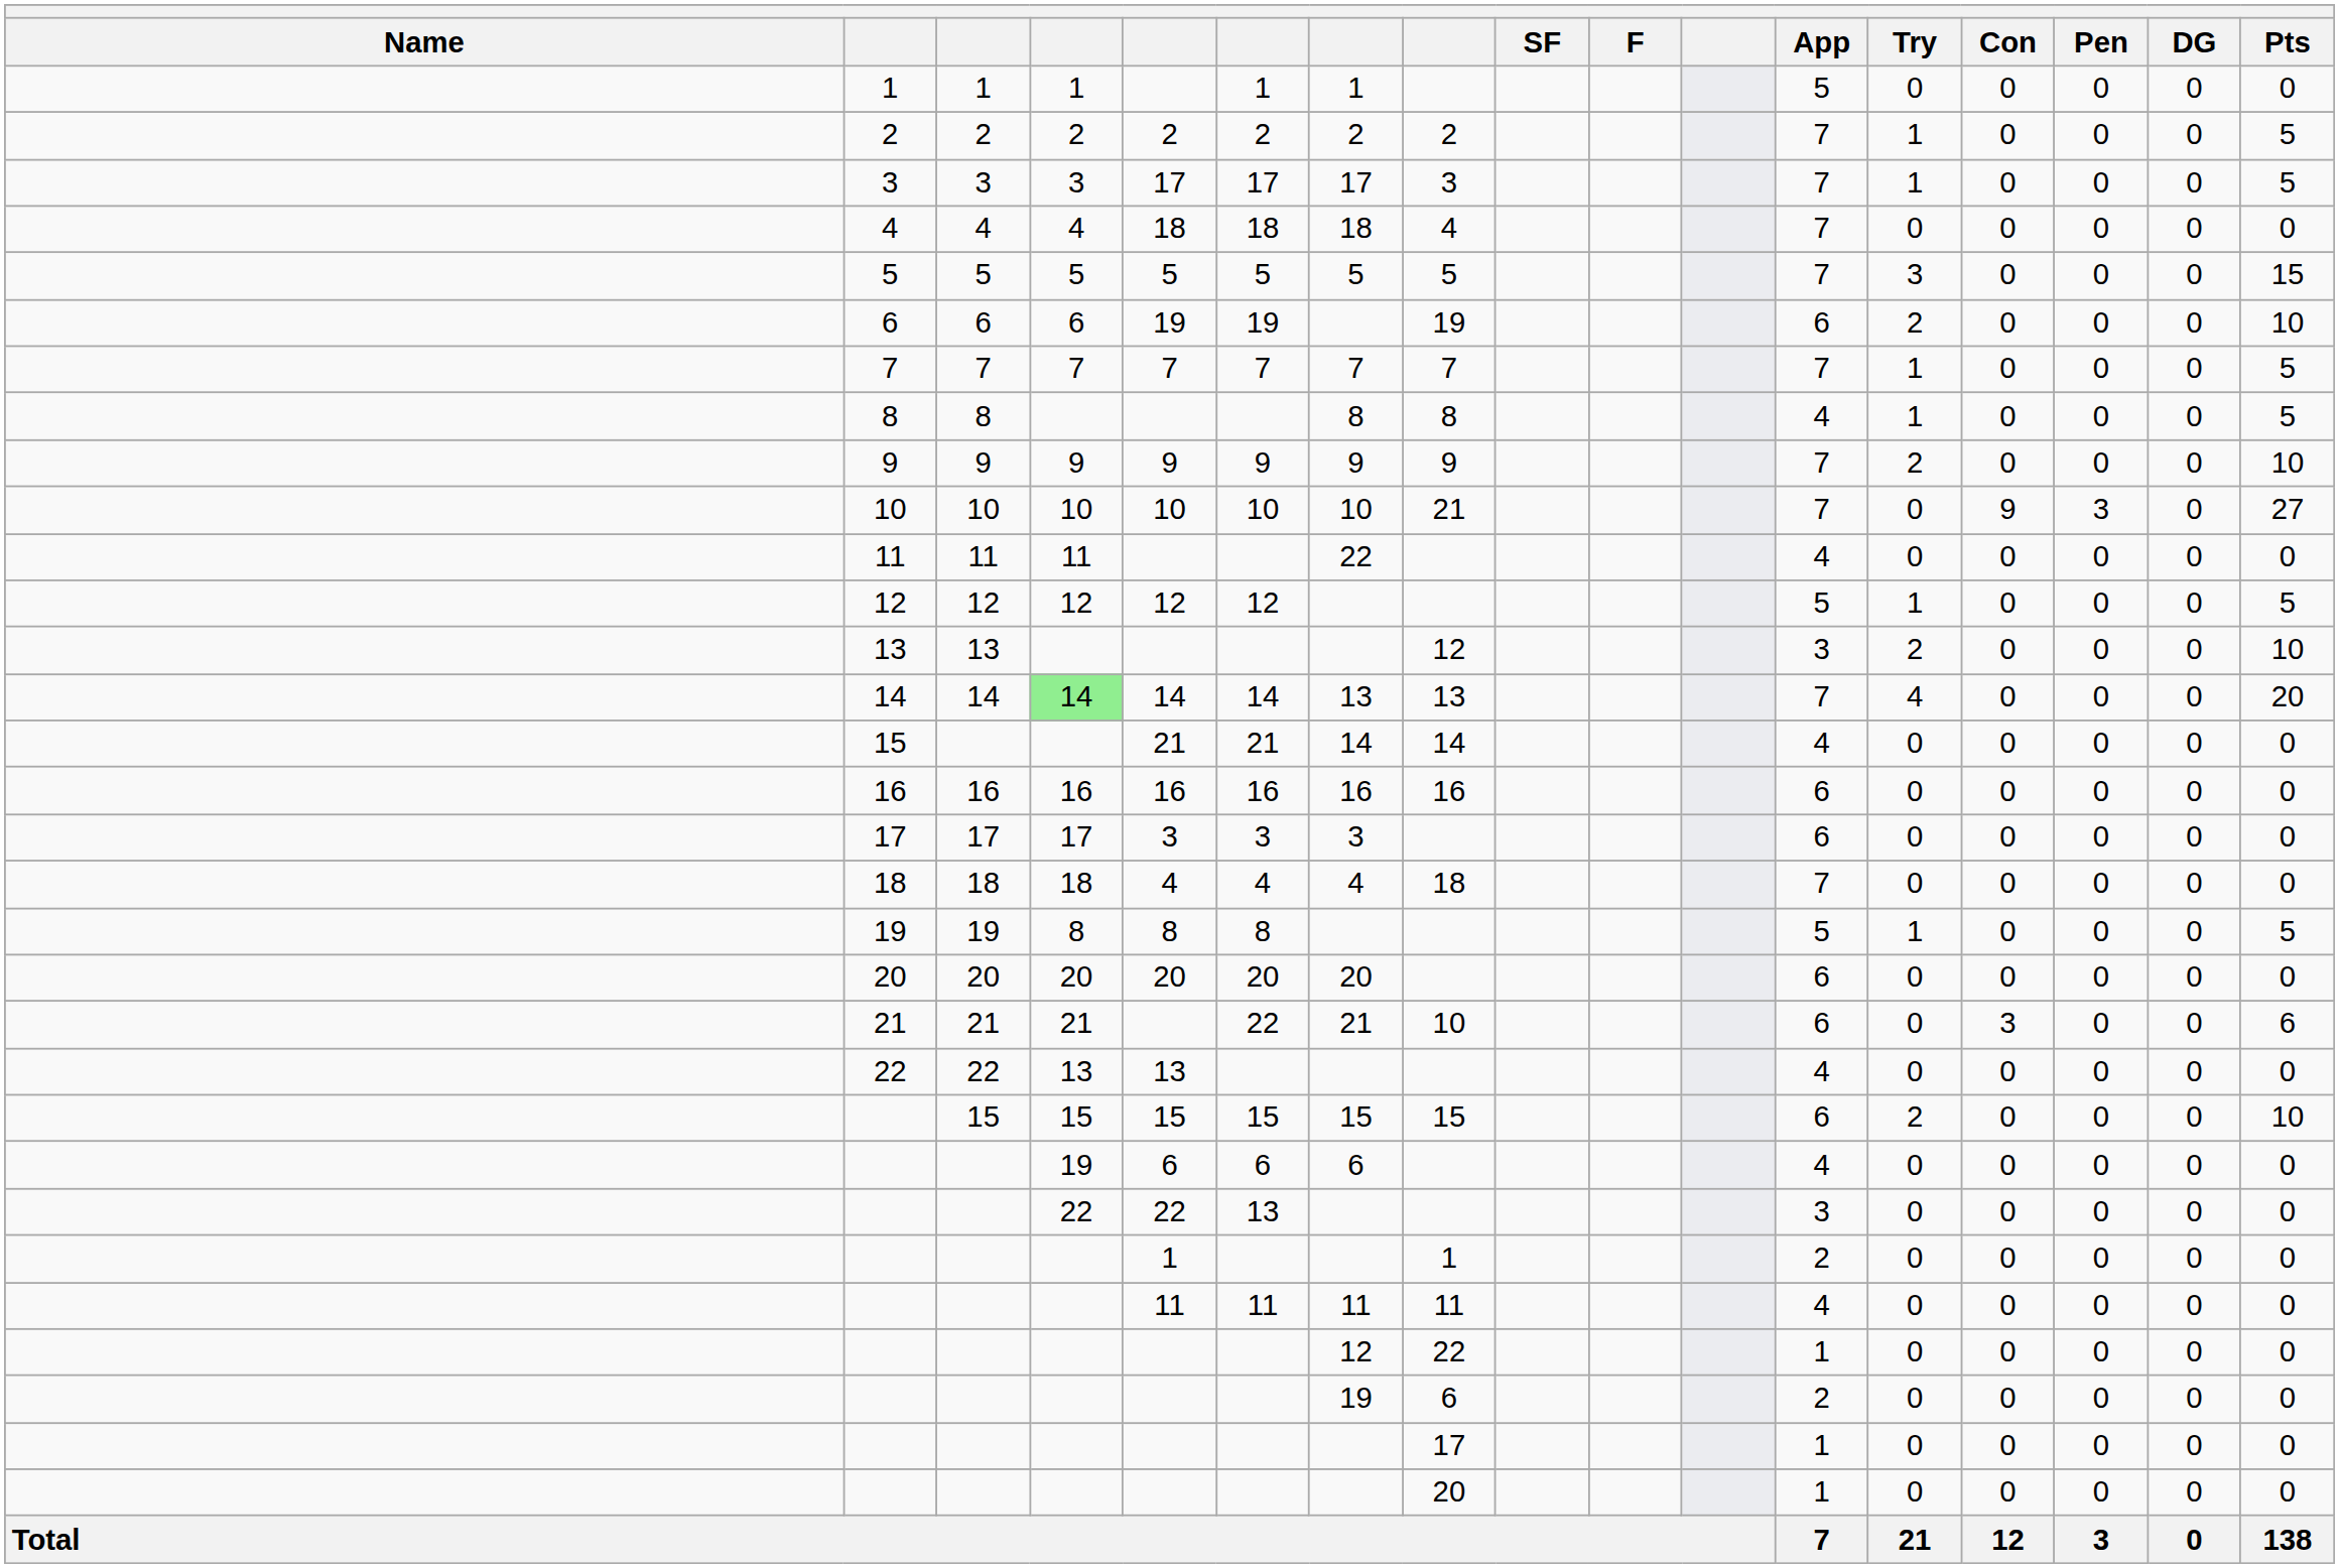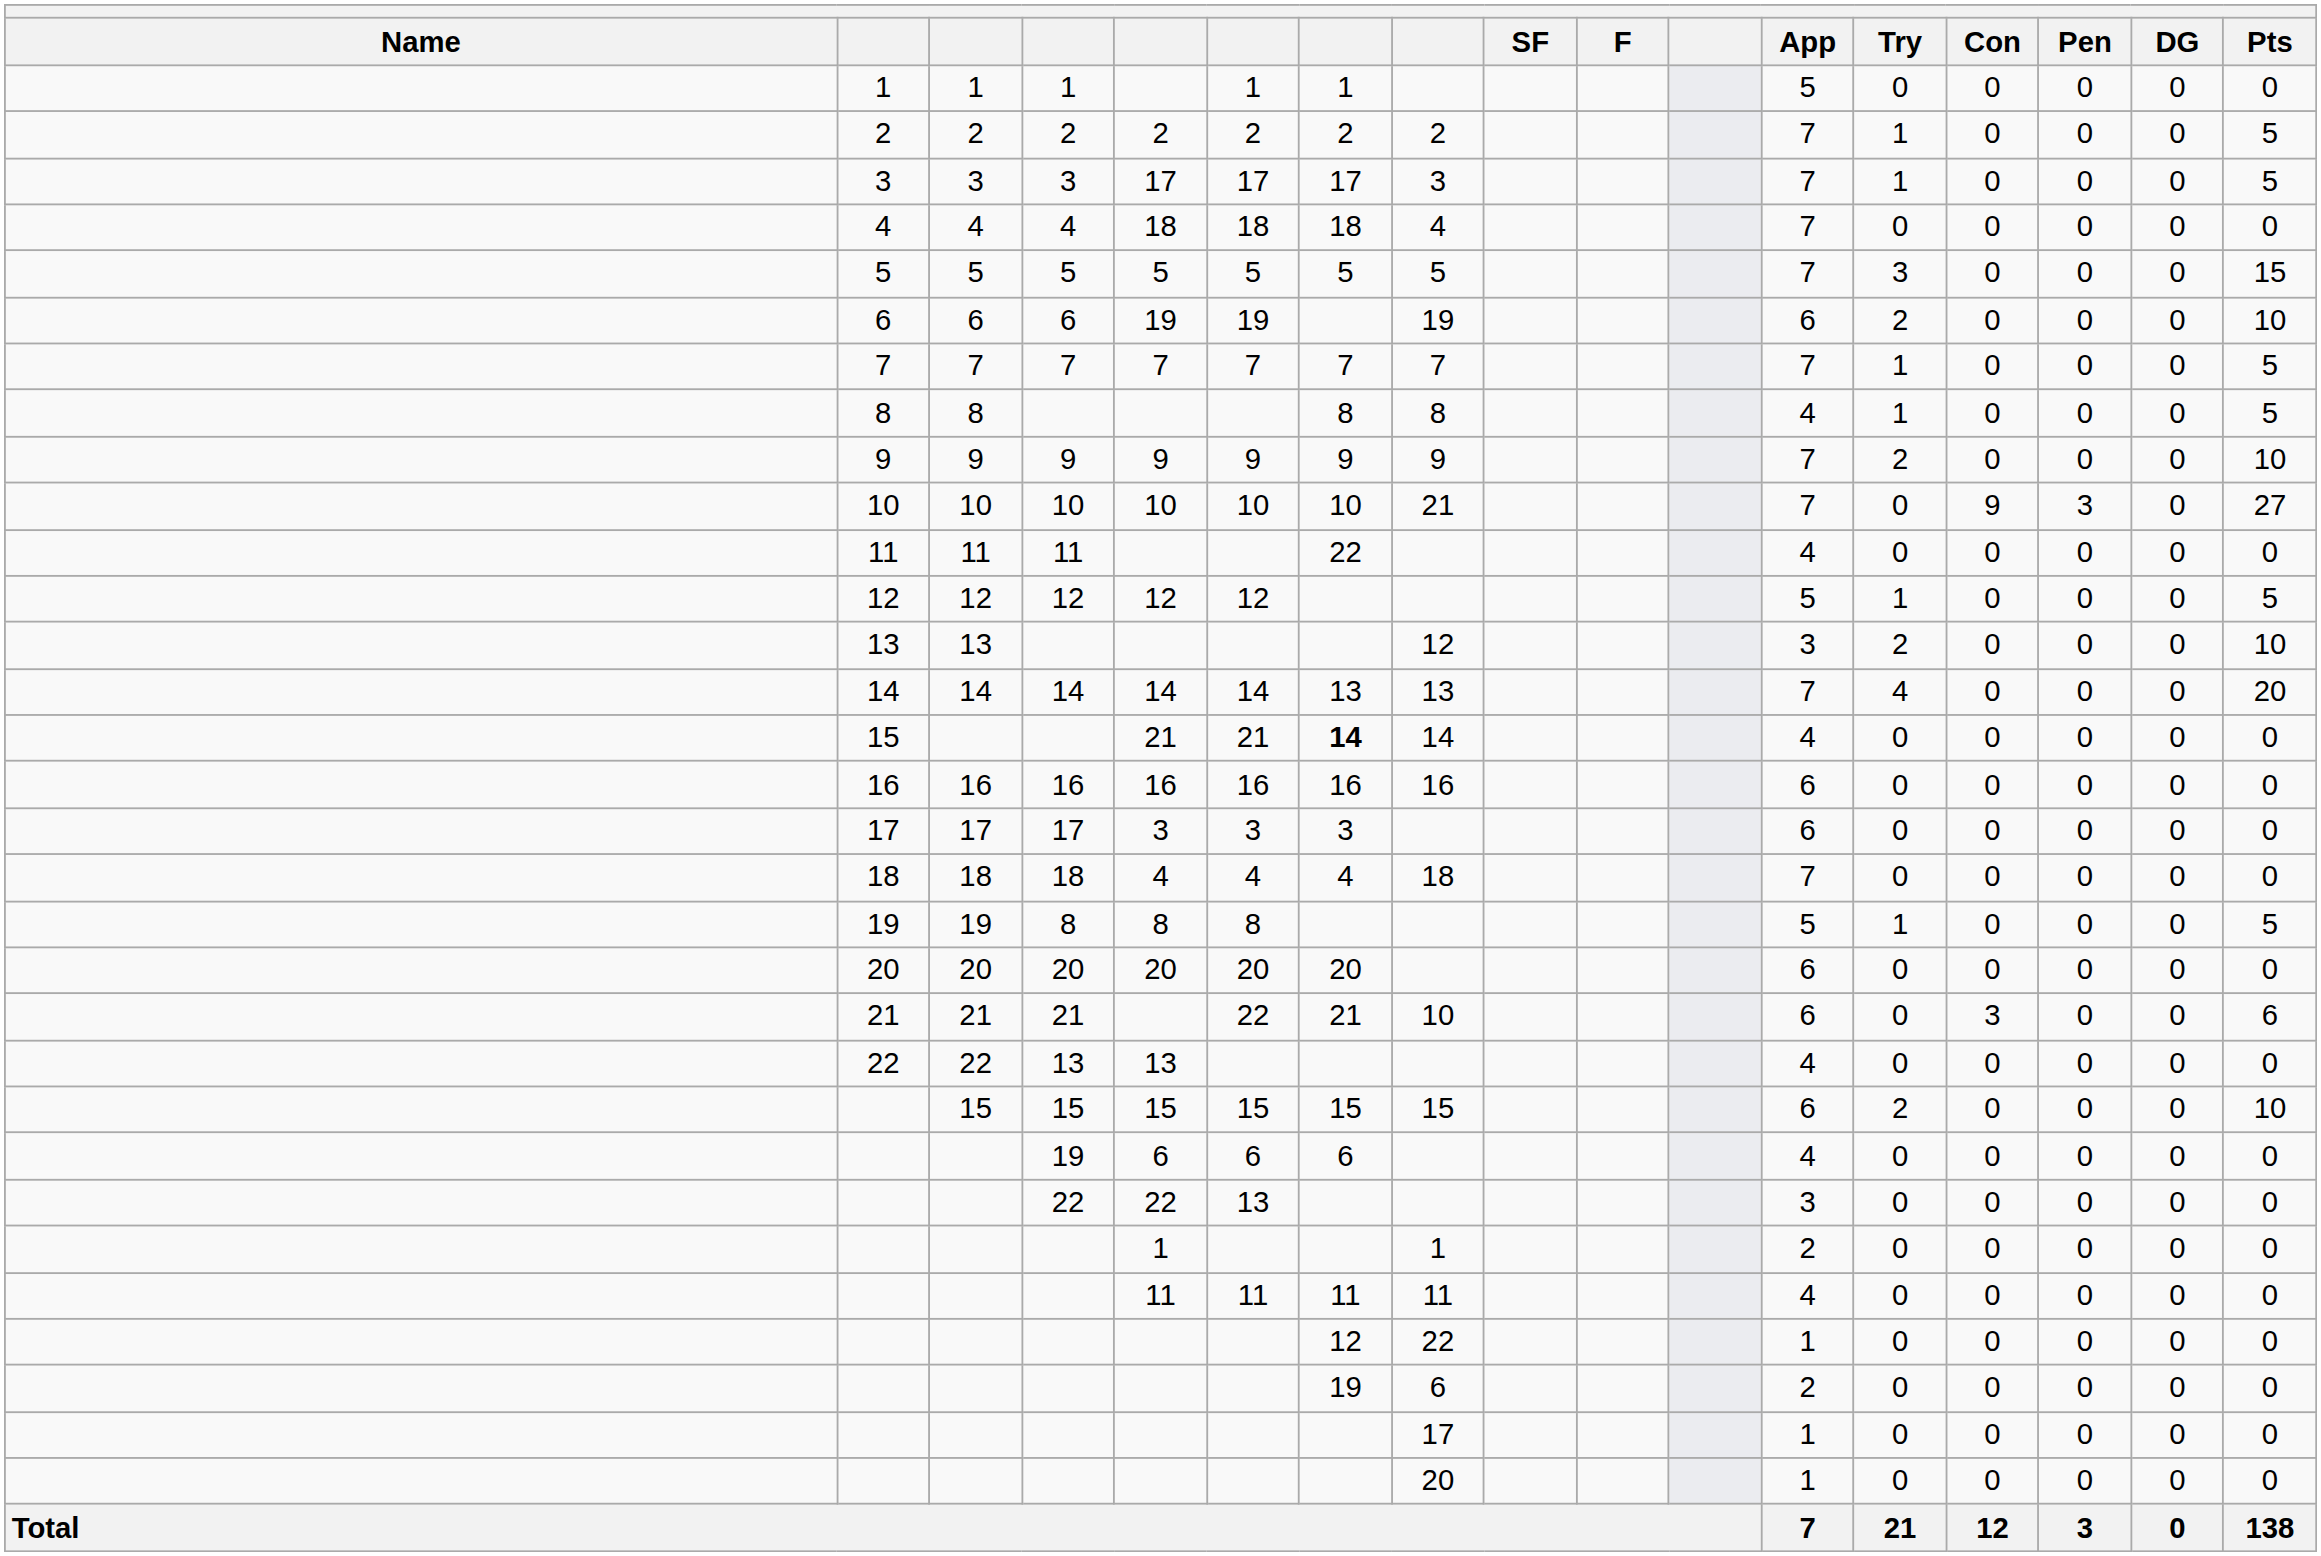 <table class="wikitable collapsible collapsed" style="text-align:center; font-size:100%; width:100%">
 <tr>
 <th colspan="100%"></th>
 </tr>
 <tr>
 <th style="width:36%;">Name</th>
 <th style="width:4%;"></th>
 <th style="width:4%;"></th>
 <th style="width:4%;"></th>
 <th style="width:4%;"></th>
 <th style="width:4%;"></th>
 <th style="width:4%;"></th>
 <th style="width:4%;"></th>
 <th style="width:4%;">SF</th>
 <th style="width:4%;">F</th>
 <th style="width:4%;"></th>
 <th style="width:4%;">App</th>
 <th style="width:4%;">Try</th>
 <th style="width:4%;">Con</th>
 <th style="width:4%;">Pen</th>
 <th style="width:4%;">DG</th>
 <th style="width:4%;">Pts</th>
 </tr>
 <tr>
 <td style="text-align:left;"></td>
 <td>1</td>
 <td>1</td>
 <td>1</td>
 <td></td>
 <td>1</td>
 <td>1</td>
 <td></td>
 <td></td>
 <td></td>
 <td style="background:#EBECF0;"></td>
 <td>5</td>
 <td>0</td>
 <td>0</td>
 <td>0</td>
 <td>0</td>
 <td>0</td>
 </tr>
 <tr>
 <td style="text-align:left;"></td>
 <td>2</td>
 <td>2</td>
 <td>2</td>
 <td>2</td>
 <td>2</td>
 <td>2</td>
 <td>2</td>
 <td></td>
 <td></td>
 <td style="background:#EBECF0;"></td>
 <td>7</td>
 <td>1</td>
 <td>0</td>
 <td>0</td>
 <td>0</td>
 <td>5</td>
 </tr>
 <tr>
 <td style="text-align:left;"></td>
 <td>3</td>
 <td>3</td>
 <td>3</td>
 <td>17 </td>
 <td>17 </td>
 <td>17 </td>
 <td>3</td>
 <td></td>
 <td></td>
 <td style="background:#EBECF0;"></td>
 <td>7</td>
 <td>1</td>
 <td>0</td>
 <td>0</td>
 <td>0</td>
 <td>5</td>
 </tr>
 <tr>
 <td style="text-align:left;"></td>
 <td>4</td>
 <td>4</td>
 <td>4</td>
 <td>18 </td>
 <td>18 </td>
 <td>18 </td>
 <td>4</td>
 <td></td>
 <td></td>
 <td style="background:#EBECF0;"></td>
 <td>7</td>
 <td>0</td>
 <td>0</td>
 <td>0</td>
 <td>0</td>
 <td>0</td>
 </tr>
 <tr>
 <td style="text-align:left;"></td>
 <td>5</td>
 <td>5</td>
 <td>5</td>
 <td>5</td>
 <td>5</td>
 <td>5</td>
 <td>5</td>
 <td></td>
 <td></td>
 <td style="background:#EBECF0;"></td>
 <td>7</td>
 <td>3</td>
 <td>0</td>
 <td>0</td>
 <td>0</td>
 <td>15</td>
 </tr>
 <tr>
 <td style="text-align:left;"></td>
 <td>6</td>
 <td>6</td>
 <td>6</td>
 <td>19 </td>
 <td>19 </td>
 <td></td>
 <td>19 </td>
 <td></td>
 <td></td>
 <td style="background:#EBECF0;"></td>
 <td>6</td>
 <td>2</td>
 <td>0</td>
 <td>0</td>
 <td>0</td>
 <td>10</td>
 </tr>
 <tr>
 <td style="text-align:left;"></td>
 <td>7</td>
 <td>7</td>
 <td>7</td>
 <td>7</td>
 <td>7</td>
 <td>7</td>
 <td>7</td>
 <td></td>
 <td></td>
 <td style="background:#EBECF0;"></td>
 <td>7</td>
 <td>1</td>
 <td>0</td>
 <td>0</td>
 <td>0</td>
 <td>5</td>
 </tr>
 <tr>
 <td style="text-align:left;"></td>
 <td>8</td>
 <td>8</td>
 <td></td>
 <td></td>
 <td></td>
 <td>8</td>
 <td>8</td>
 <td></td>
 <td></td>
 <td style="background:#EBECF0;"></td>
 <td>4</td>
 <td>1</td>
 <td>0</td>
 <td>0</td>
 <td>0</td>
 <td>5</td>
 </tr>
 <tr>
 <td style="text-align:left;"></td>
 <td>9</td>
 <td>9</td>
 <td>9</td>
 <td>9</td>
 <td>9</td>
 <td>9</td>
 <td>9</td>
 <td></td>
 <td></td>
 <td style="background:#EBECF0;"></td>
 <td>7</td>
 <td>2</td>
 <td>0</td>
 <td>0</td>
 <td>0</td>
 <td>10</td>
 </tr>
 <tr>
 <td style="text-align:left;"></td>
 <td>10</td>
 <td>10</td>
 <td>10</td>
 <td>10</td>
 <td>10</td>
 <td>10</td>
 <td>21 </td>
 <td></td>
 <td></td>
 <td style="background:#EBECF0;"></td>
 <td>7</td>
 <td>0</td>
 <td>9</td>
 <td>3</td>
 <td>0</td>
 <td>27</td>
 </tr>
 <tr>
 <td style="text-align:left;"></td>
 <td>11</td>
 <td>11</td>
 <td>11</td>
 <td></td>
 <td></td>
 <td>22 </td>
 <td></td>
 <td></td>
 <td></td>
 <td style="background:#EBECF0;"></td>
 <td>4</td>
 <td>0</td>
 <td>0</td>
 <td>0</td>
 <td>0</td>
 <td>0</td>
 </tr>
 <tr>
 <td style="text-align:left;"></td>
 <td>12</td>
 <td>12</td>
 <td>12</td>
 <td>12</td>
 <td>12</td>
 <td></td>
 <td></td>
 <td></td>
 <td></td>
 <td style="background:#EBECF0;"></td>
 <td>5</td>
 <td>1</td>
 <td>0</td>
 <td>0</td>
 <td>0</td>
 <td>5</td>
 </tr>
 <tr>
 <td style="text-align:left;"></td>
 <td>13</td>
 <td>13</td>
 <td></td>
 <td></td>
 <td></td>
 <td></td>
 <td>12</td>
 <td></td>
 <td></td>
 <td style="background:#EBECF0;"></td>
 <td>3</td>
 <td>2</td>
 <td>0</td>
 <td>0</td>
 <td>0</td>
 <td>10</td>
 </tr>
 <tr>
 <td style="text-align:left;"></td>
 <td>14</td>
 <td>14</td>
-<td style="background: lightgreen;">14</td>
+<td>14</td>
 <td>14</td>
 <td>14</td>
 <td>13</td>
 <td>13</td>
 <td></td>
 <td></td>
 <td style="background:#EBECF0;"></td>
 <td>7</td>
 <td>4</td>
 <td>0</td>
 <td>0</td>
 <td>0</td>
 <td>20</td>
 </tr>
 <tr>
 <td style="text-align:left;"></td>
 <td>15</td>
 <td></td>
 <td></td>
 <td>21</td>
 <td>21 </td>
-<td>14</td>
+<td><strong>14</strong></td>
 <td>14</td>
 <td></td>
 <td></td>
 <td style="background:#EBECF0;"></td>
 <td>4</td>
 <td>0</td>
 <td>0</td>
 <td>0</td>
 <td>0</td>
 <td>0</td>
 </tr>
 <tr>
 <td style="text-align:left;"></td>
 <td>16</td>
 <td>16 </td>
 <td>16 </td>
 <td>16 </td>
 <td>16 </td>
 <td>16 </td>
 <td>16 </td>
 <td></td>
 <td></td>
 <td style="background:#EBECF0;"></td>
 <td>6</td>
 <td>0</td>
 <td>0</td>
 <td>0</td>
 <td>0</td>
 <td>0</td>
 </tr>
 <tr>
 <td style="text-align:left;"></td>
 <td>17 </td>
 <td>17 </td>
 <td>17 </td>
 <td>3</td>
 <td>3</td>
 <td>3</td>
 <td></td>
 <td></td>
 <td></td>
 <td style="background:#EBECF0;"></td>
 <td>6</td>
 <td>0</td>
 <td>0</td>
 <td>0</td>
 <td>0</td>
 <td>0</td>
 </tr>
 <tr>
 <td style="text-align:left;"></td>
 <td>18 </td>
 <td>18 </td>
 <td>18 </td>
 <td>4</td>
 <td>4</td>
 <td>4</td>
 <td>18 </td>
 <td></td>
 <td></td>
 <td style="background:#EBECF0;"></td>
 <td>7</td>
 <td>0</td>
 <td>0</td>
 <td>0</td>
 <td>0</td>
 <td>0</td>
 </tr>
 <tr>
 <td style="text-align:left;"></td>
 <td>19 </td>
 <td>19 </td>
 <td>8</td>
 <td>8</td>
 <td>8</td>
 <td></td>
 <td></td>
 <td></td>
 <td></td>
 <td style="background:#EBECF0;"></td>
 <td>5</td>
 <td>1</td>
 <td>0</td>
 <td>0</td>
 <td>0</td>
 <td>5</td>
 </tr>
 <tr>
 <td style="text-align:left;"></td>
 <td>20 </td>
 <td>20 </td>
 <td>20 </td>
 <td>20 </td>
 <td>20 </td>
 <td>20 </td>
 <td></td>
 <td></td>
 <td></td>
 <td style="background:#EBECF0;"></td>
 <td>6</td>
 <td>0</td>
 <td>0</td>
 <td>0</td>
 <td>0</td>
 <td>0</td>
 </tr>
 <tr>
 <td style="text-align:left;"></td>
 <td>21 </td>
 <td>21 </td>
 <td>21 </td>
 <td></td>
 <td>22 </td>
 <td>21 </td>
 <td>10</td>
 <td></td>
 <td></td>
 <td style="background:#EBECF0;"></td>
 <td>6</td>
 <td>0</td>
 <td>3</td>
 <td>0</td>
 <td>0</td>
 <td>6</td>
 </tr>
 <tr>
 <td style="text-align:left;"></td>
 <td>22 </td>
 <td>22 </td>
 <td>13</td>
 <td>13</td>
 <td></td>
 <td></td>
 <td></td>
 <td></td>
 <td></td>
 <td style="background:#EBECF0;"></td>
 <td>4</td>
 <td>0</td>
 <td>0</td>
 <td>0</td>
 <td>0</td>
 <td>0</td>
 </tr>
 <tr>
 <td style="text-align:left;"></td>
 <td></td>
 <td>15</td>
 <td>15</td>
 <td>15</td>
 <td>15</td>
 <td>15</td>
 <td>15</td>
 <td></td>
 <td></td>
 <td style="background:#EBECF0;"></td>
 <td>6</td>
 <td>2</td>
 <td>0</td>
 <td>0</td>
 <td>0</td>
 <td>10</td>
 </tr>
 <tr>
 <td style="text-align:left;"></td>
 <td></td>
 <td></td>
 <td>19 </td>
 <td>6</td>
 <td>6</td>
 <td>6</td>
 <td></td>
 <td></td>
 <td></td>
 <td style="background:#EBECF0;"></td>
 <td>4</td>
 <td>0</td>
 <td>0</td>
 <td>0</td>
 <td>0</td>
 <td>0</td>
 </tr>
 <tr>
 <td style="text-align:left;"></td>
 <td></td>
 <td></td>
 <td>22 </td>
 <td>22 </td>
 <td>13</td>
 <td></td>
 <td></td>
 <td></td>
 <td></td>
 <td style="background:#EBECF0;"></td>
 <td>3</td>
 <td>0</td>
 <td>0</td>
 <td>0</td>
 <td>0</td>
 <td>0</td>
 </tr>
 <tr>
 <td style="text-align:left;"></td>
 <td></td>
 <td></td>
 <td></td>
 <td>1</td>
 <td></td>
 <td></td>
 <td>1</td>
 <td></td>
 <td></td>
 <td style="background:#EBECF0;"></td>
 <td>2</td>
 <td>0</td>
 <td>0</td>
 <td>0</td>
 <td>0</td>
 <td>0</td>
 </tr>
 <tr>
 <td style="text-align:left;"></td>
 <td></td>
 <td></td>
 <td></td>
 <td>11</td>
 <td>11</td>
 <td>11</td>
 <td>11</td>
 <td></td>
 <td></td>
 <td style="background:#EBECF0;"></td>
 <td>4</td>
 <td>0</td>
 <td>0</td>
 <td>0</td>
 <td>0</td>
 <td>0</td>
 </tr>
 <tr>
 <td style="text-align:left;"></td>
 <td></td>
 <td></td>
 <td></td>
 <td></td>
 <td></td>
 <td>12</td>
 <td>22</td>
 <td></td>
 <td></td>
 <td style="background:#EBECF0;"></td>
 <td>1</td>
 <td>0</td>
 <td>0</td>
 <td>0</td>
 <td>0</td>
 <td>0</td>
 </tr>
 <tr>
 <td style="text-align:left;"></td>
 <td></td>
 <td></td>
 <td></td>
 <td></td>
 <td></td>
 <td>19 </td>
 <td>6</td>
 <td></td>
 <td></td>
 <td style="background:#EBECF0;"></td>
 <td>2</td>
 <td>0</td>
 <td>0</td>
 <td>0</td>
 <td>0</td>
 <td>0</td>
 </tr>
 <tr>
 <td style="text-align:left;"></td>
 <td></td>
 <td></td>
 <td></td>
 <td></td>
 <td></td>
 <td></td>
 <td>17 </td>
 <td></td>
 <td></td>
 <td style="background:#EBECF0;"></td>
 <td>1</td>
 <td>0</td>
 <td>0</td>
 <td>0</td>
 <td>0</td>
 <td>0</td>
 </tr>
 <tr>
 <td style="text-align:left;"></td>
 <td></td>
 <td></td>
 <td></td>
 <td></td>
 <td></td>
 <td></td>
 <td>20 </td>
 <td></td>
 <td></td>
 <td style="background:#EBECF0;"></td>
 <td>1</td>
 <td>0</td>
 <td>0</td>
 <td>0</td>
 <td>0</td>
 <td>0</td>
 </tr>
 <tr>
 <th colspan="11" style="text-align:left;">Total</th>
 <th>7</th>
 <th>21</th>
 <th>12</th>
 <th>3</th>
 <th>0</th>
 <th>138</th>
 </tr>
 </table>
